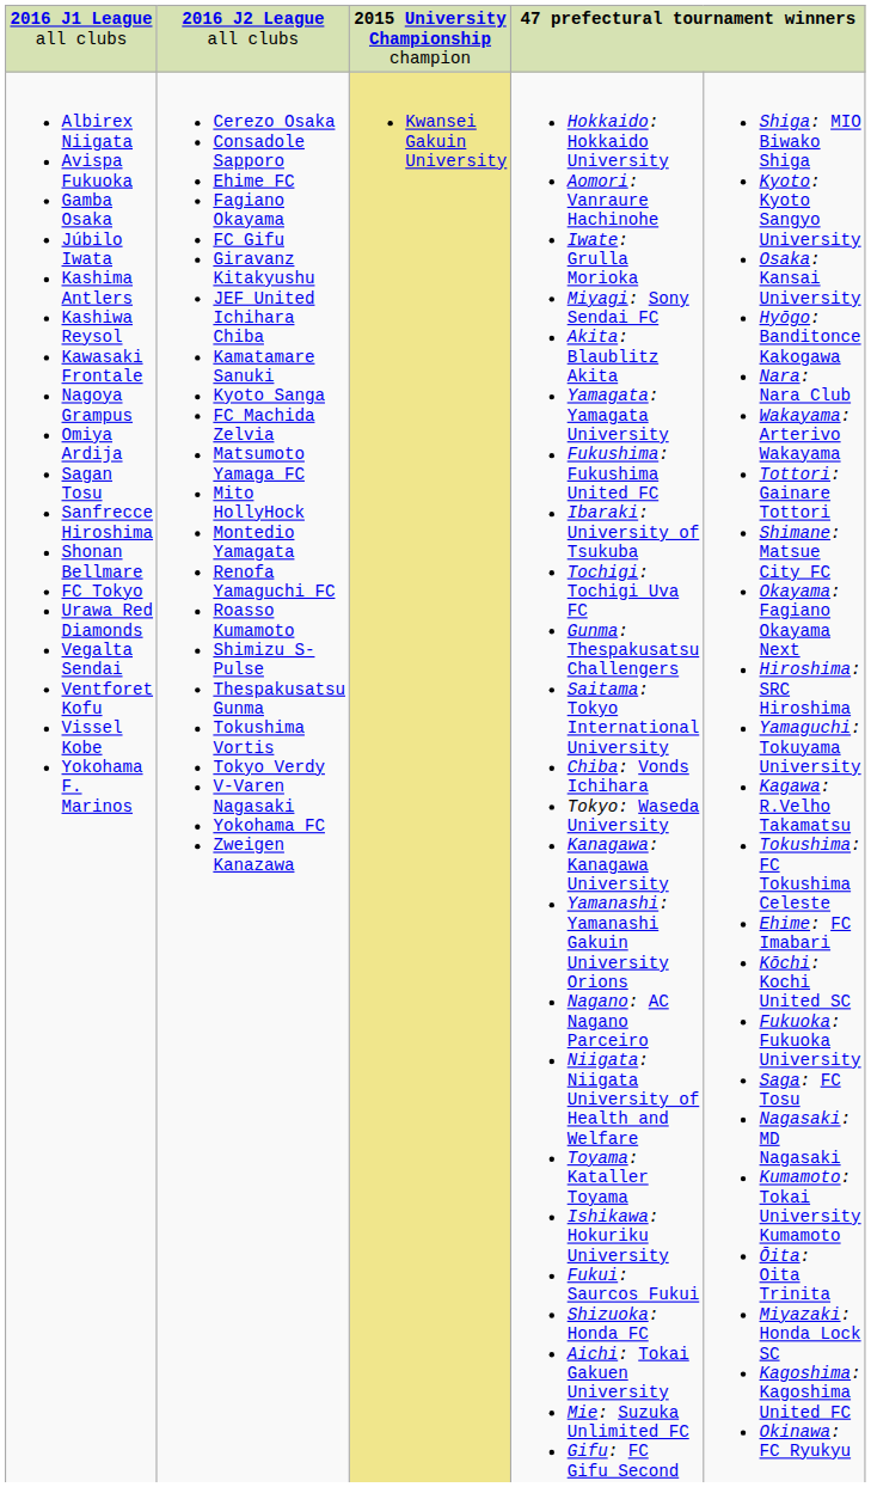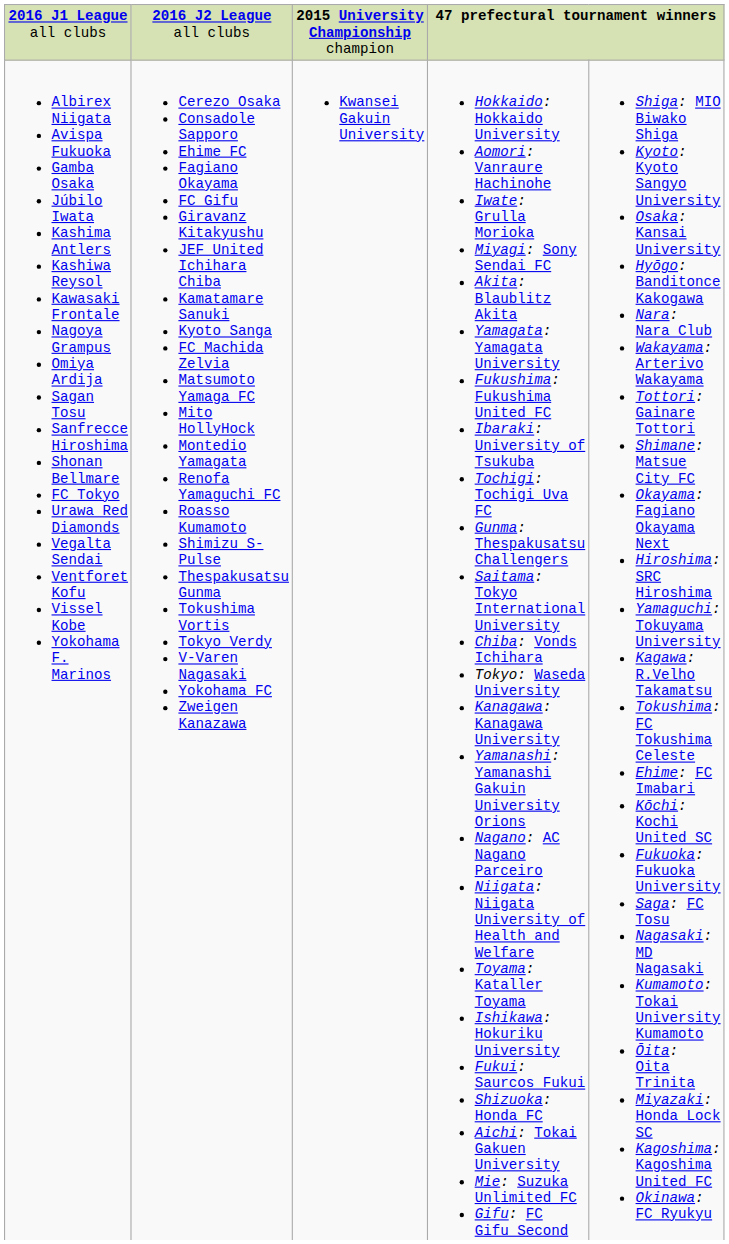 <table class="wikitable">
 <tr style="vertical-align:top; background:#d6e2b3; text-align:center;">
 <td style="width:17%;"><strong><a href='#'>2016 J1 League</a></strong><br>all clubs</td>
 <td style="width:17%;"><strong><a href='#'>2016 J2 League</a></strong><br>all clubs</td>
 <td style="width:17%;"><strong>2015 <a href='#'>University Championship</a></strong><br>champion</td>
 <td colspan="2" style="width:49%;"><strong>47 prefectural tournament winners</strong><br></td>
 </tr>
 <tr valign="top">
 <td><br><ul><li><a href='#'>Albirex Niigata</a></li><li><a href='#'>Avispa Fukuoka</a></li><li><a href='#'>Gamba Osaka</a></li><li><a href='#'>Júbilo Iwata</a></li><li><a href='#'>Kashima Antlers</a></li><li><a href='#'>Kashiwa Reysol</a></li><li><a href='#'>Kawasaki Frontale</a></li><li><a href='#'>Nagoya Grampus</a></li><li><a href='#'>Omiya Ardija</a></li><li><a href='#'>Sagan Tosu</a></li><li><a href='#'>Sanfrecce Hiroshima</a></li><li><a href='#'>Shonan Bellmare</a></li><li><a href='#'>FC Tokyo</a></li><li><a href='#'>Urawa Red Diamonds</a></li><li><a href='#'>Vegalta Sendai</a></li><li><a href='#'>Ventforet Kofu</a></li><li><a href='#'>Vissel Kobe</a></li><li><a href='#'>Yokohama F. Marinos</a></li></ul></td>
 <td><br><ul><li><a href='#'>Cerezo Osaka</a></li><li><a href='#'>Consadole Sapporo</a></li><li><a href='#'>Ehime FC</a></li><li><a href='#'>Fagiano Okayama</a></li><li><a href='#'>FC Gifu</a></li><li><a href='#'>Giravanz Kitakyushu</a></li><li><a href='#'>JEF United Ichihara Chiba</a></li><li><a href='#'>Kamatamare Sanuki</a></li><li><a href='#'>Kyoto Sanga</a></li><li><a href='#'>FC Machida Zelvia</a></li><li><a href='#'>Matsumoto Yamaga FC</a></li><li><a href='#'>Mito HollyHock</a></li><li><a href='#'>Montedio Yamagata</a></li><li><a href='#'>Renofa Yamaguchi FC</a></li><li><a href='#'>Roasso Kumamoto</a></li><li><a href='#'>Shimizu S-Pulse</a></li><li><a href='#'>Thespakusatsu Gunma</a></li><li><a href='#'>Tokushima Vortis</a></li><li><a href='#'>Tokyo Verdy</a></li><li><a href='#'>V-Varen Nagasaki</a></li><li><a href='#'>Yokohama FC</a></li><li><a href='#'>Zweigen Kanazawa</a></li></ul></td>
-<td style="background: khaki;"><br><ul><li><a href='#'>Kwansei Gakuin University</a></li></ul></td>
+<td><br><ul><li><a href='#'>Kwansei Gakuin University</a></li></ul></td>
 <td><br><ul><li><em><a href='#'>Hokkaido</a>:</em> <a href='#'>Hokkaido University</a></li><li><em><a href='#'>Aomori</a>:</em> <a href='#'>Vanraure Hachinohe</a></li><li><em><a href='#'>Iwate</a>:</em> <a href='#'>Grulla Morioka</a></li><li><em><a href='#'>Miyagi</a>:</em> <a href='#'>Sony Sendai FC</a></li><li><em><a href='#'>Akita</a>:</em> <a href='#'>Blaublitz Akita</a></li><li><em><a href='#'>Yamagata</a>:</em> <a href='#'>Yamagata University</a></li><li><em><a href='#'>Fukushima</a>:</em> <a href='#'>Fukushima United FC</a></li><li><em><a href='#'>Ibaraki</a>:</em> <a href='#'>University of Tsukuba</a></li><li><em><a href='#'>Tochigi</a>:</em> <a href='#'>Tochigi Uva FC</a></li><li><em><a href='#'>Gunma</a>:</em> <a href='#'>Thespakusatsu Challengers</a></li><li><em><a href='#'>Saitama</a>:</em> <a href='#'>Tokyo International University</a></li><li><em><a href='#'>Chiba</a>:</em> <a href='#'>Vonds Ichihara</a></li><li><em>Tokyo:</em> <a href='#'>Waseda University</a></li><li><em><a href='#'>Kanagawa</a>:</em> <a href='#'>Kanagawa University</a></li><li><em><a href='#'>Yamanashi</a>:</em> <a href='#'>Yamanashi Gakuin University Orions</a></li><li><em><a href='#'>Nagano</a>:</em> <a href='#'>AC Nagano Parceiro</a></li><li><em><a href='#'>Niigata</a>:</em> <a href='#'>Niigata University of Health and Welfare</a></li><li><em><a href='#'>Toyama</a>:</em> <a href='#'>Kataller Toyama</a></li><li><em><a href='#'>Ishikawa</a>:</em> <a href='#'>Hokuriku University</a></li><li><em><a href='#'>Fukui</a>:</em> <a href='#'>Saurcos Fukui</a></li><li><em><a href='#'>Shizuoka</a>:</em> <a href='#'>Honda FC</a></li><li><em><a href='#'>Aichi</a>:</em> <a href='#'>Tokai Gakuen University</a></li><li><em><a href='#'>Mie</a>:</em> <a href='#'>Suzuka Unlimited FC</a></li><li><em><a href='#'>Gifu</a>:</em> <a href='#'>FC Gifu Second</a></li></ul></td>
 <td><br><ul><li><em><a href='#'>Shiga</a>:</em> <a href='#'>MIO Biwako Shiga</a></li><li><em><a href='#'>Kyoto</a>:</em> <a href='#'>Kyoto Sangyo University</a></li><li><em><a href='#'>Osaka</a>:</em> <a href='#'>Kansai University</a></li><li><em><a href='#'>Hyōgo</a>:</em> <a href='#'>Banditonce Kakogawa</a></li><li><em><a href='#'>Nara</a>:</em> <a href='#'>Nara Club</a></li><li><em><a href='#'>Wakayama</a>:</em> <a href='#'>Arterivo Wakayama</a></li><li><em><a href='#'>Tottori</a>:</em> <a href='#'>Gainare Tottori</a></li><li><em><a href='#'>Shimane</a>:</em> <a href='#'>Matsue City FC</a></li><li><em><a href='#'>Okayama</a>:</em> <a href='#'>Fagiano Okayama Next</a></li><li><em><a href='#'>Hiroshima</a>:</em> <a href='#'>SRC Hiroshima</a></li><li><em><a href='#'>Yamaguchi</a>:</em> <a href='#'>Tokuyama University</a></li><li><em><a href='#'>Kagawa</a>:</em> <a href='#'>R.Velho Takamatsu</a></li><li><em><a href='#'>Tokushima</a>:</em> <a href='#'>FC Tokushima Celeste</a></li><li><em><a href='#'>Ehime</a>:</em> <a href='#'>FC Imabari</a></li><li><em><a href='#'>Kōchi</a>:</em> <a href='#'>Kochi United SC</a></li><li><em><a href='#'>Fukuoka</a>:</em> <a href='#'>Fukuoka University</a></li><li><em><a href='#'>Saga</a>:</em> <a href='#'>FC Tosu</a></li><li><em><a href='#'>Nagasaki</a>:</em> <a href='#'>MD Nagasaki</a></li><li><em><a href='#'>Kumamoto</a>:</em> <a href='#'>Tokai University Kumamoto</a></li><li><em><a href='#'>Ōita</a>:</em> <a href='#'>Oita Trinita</a></li><li><em><a href='#'>Miyazaki</a>:</em> <a href='#'>Honda Lock SC</a></li><li><em><a href='#'>Kagoshima</a>:</em> <a href='#'>Kagoshima United FC</a></li><li><em><a href='#'>Okinawa</a>:</em> <a href='#'>FC Ryukyu</a></li></ul></td>
 </tr>
 </table>
